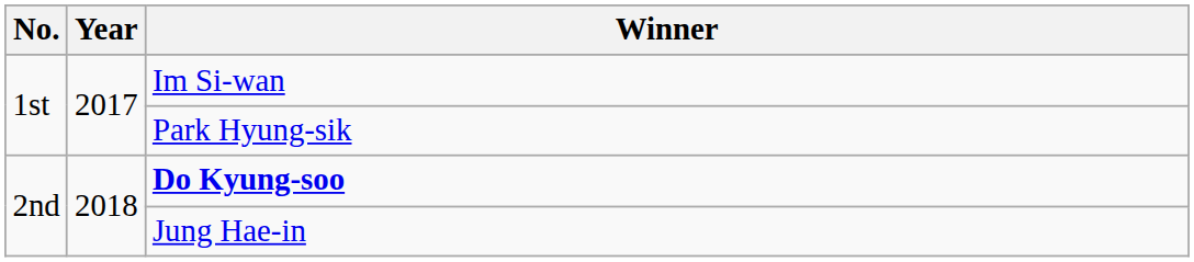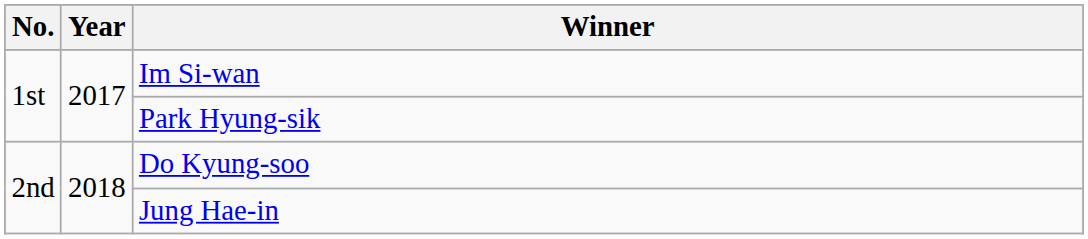 <table class="wikitable" style="width:600px">
 <tr>
 <th width=10>No.</th>
 <th width=10>Year</th>
 <th>Winner</th>
 </tr>
 <tr>
 <td rowspan=2>1st</td>
 <td rowspan=2>2017</td>
 <td><a href='#'>Im Si-wan</a></td>
 </tr>
 <tr>
 <td><a href='#'>Park Hyung-sik</a></td>
 </tr>
 <tr>
 <td rowspan=2>2nd</td>
 <td rowspan=2>2018</td>
-<td><strong><a href='#'>Do Kyung-soo</a></strong></td>
+<td><a href='#'>Do Kyung-soo</a></td>
 </tr>
 <tr>
 <td><a href='#'>Jung Hae-in</a></td>
 </tr>
 </table>
